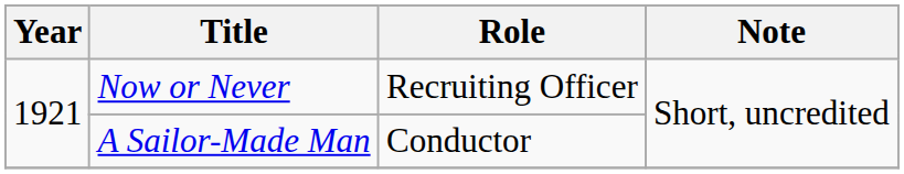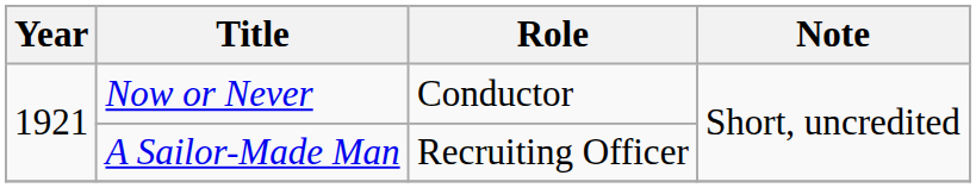 <table class="wikitable sortable">
 <tr>
 <th>Year</th>
 <th>Title</th>
 <th>Role</th>
 <th>Note</th>
 </tr>
 <tr>
 <td rowspan="2">1921</td>
 <td><em><a href='#'>Now or Never</a></em></td>
-<td>Recruiting Officer</td>
+<td>Conductor</td>
 <td rowspan="2">Short, uncredited</td>
 </tr>
 <tr>
 <td><em><a href='#'>A Sailor-Made Man</a></em></td>
-<td>Conductor</td>
+<td>Recruiting Officer</td>
 </tr>
 <tr>
 </tr>
 </table>
